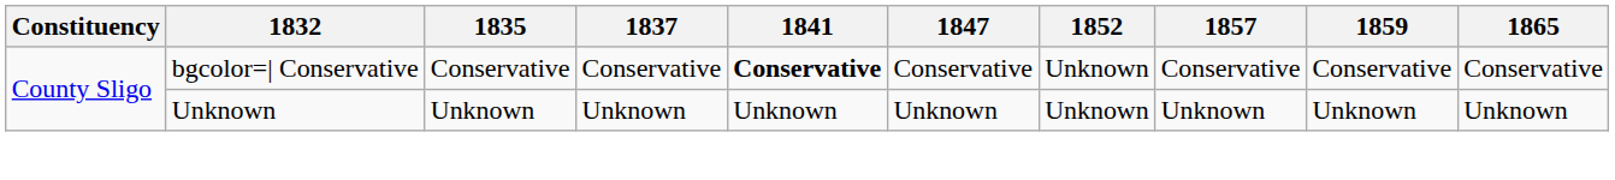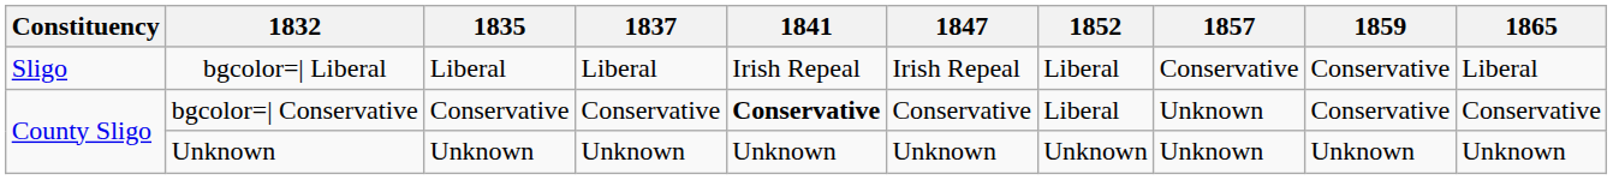 <table class=wikitable sortable>
 <tr>
 <th>Constituency</th>
 <th>1832</th>
 <th>1835</th>
 <th>1837</th>
 <th>1841</th>
 <th>1847</th>
 <th>1852</th>
 <th>1857</th>
 <th>1859</th>
 <th>1865</th>
 </tr>
 <tr>
+<td><a href='#'>Sligo</a></td>
+<td align=center>bgcolor=| Liberal</td>
+<td bgcolor=>Liberal</td>
+<td bgcolor=>Liberal</td>
+<td bgcolor=>Irish Repeal</td>
+<td bgcolor=>Irish Repeal</td>
+<td bgcolor=>Liberal</td>
+<td bgcolor=>Conservative</td>
+<td bgcolor=>Conservative</td>
+<td bgcolor=>Liberal</td>
+</tr>
+<tr>
 <td rowspan=2><a href='#'>County Sligo</a></td>
 <td align=center>bgcolor=| Conservative</td>
 <td bgcolor=>Conservative</td>
 <td bgcolor=>Conservative</td>
 <td bgcolor=><strong>Conservative</strong></td>
 <td bgcolor=>Conservative</td>
+<td bgcolor=>Liberal</td>
 <td>Unknown</td>
-<td bgcolor=>Conservative</td>
 <td bgcolor=>Conservative</td>
 <td bgcolor=>Conservative</td>
 </tr>
 <tr>
 <td>Unknown</td>
 <td>Unknown</td>
 <td>Unknown</td>
 <td>Unknown</td>
 <td>Unknown</td>
 <td>Unknown</td>
 <td>Unknown</td>
 <td>Unknown</td>
 <td>Unknown</td>
 </tr>
 </table>
